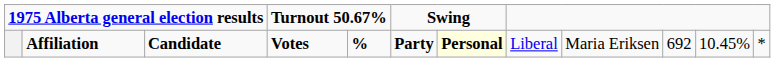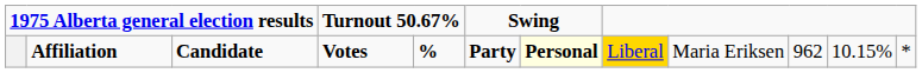 <table class="wikitable">
 <tr>
 <td colspan="3" align=center><strong><a href='#'>1975 Alberta general election</a> results</strong></td>
 <td colspan="2"><strong>Turnout 50.67%</strong></td>
 <td colspan="2" align=center><strong>Swing</strong></td>
 </tr>
 <tr>
 <th style="width: 10px;"></th>
 <td><strong>Affiliation</strong></td>
 <td><strong>Candidate</strong></td>
 <td><strong>Votes</strong></td>
 <td><strong>%</strong></td>
 <td><strong>Party</strong></td>
 <td style="background: lightyellow;"><strong>Personal</strong><br> </td>
-<td><a href='#'>Liberal</a></td>
+<td style="background: gold;"><a href='#'>Liberal</a></td>
 <td>Maria Eriksen</td>
-<td>692</td>
-<td>10.45%</td>
+<td>962</td>
+<td>10.15%</td>
 <td colspan=2 align=center>*<br>      </td>
 </tr>
 </table>
